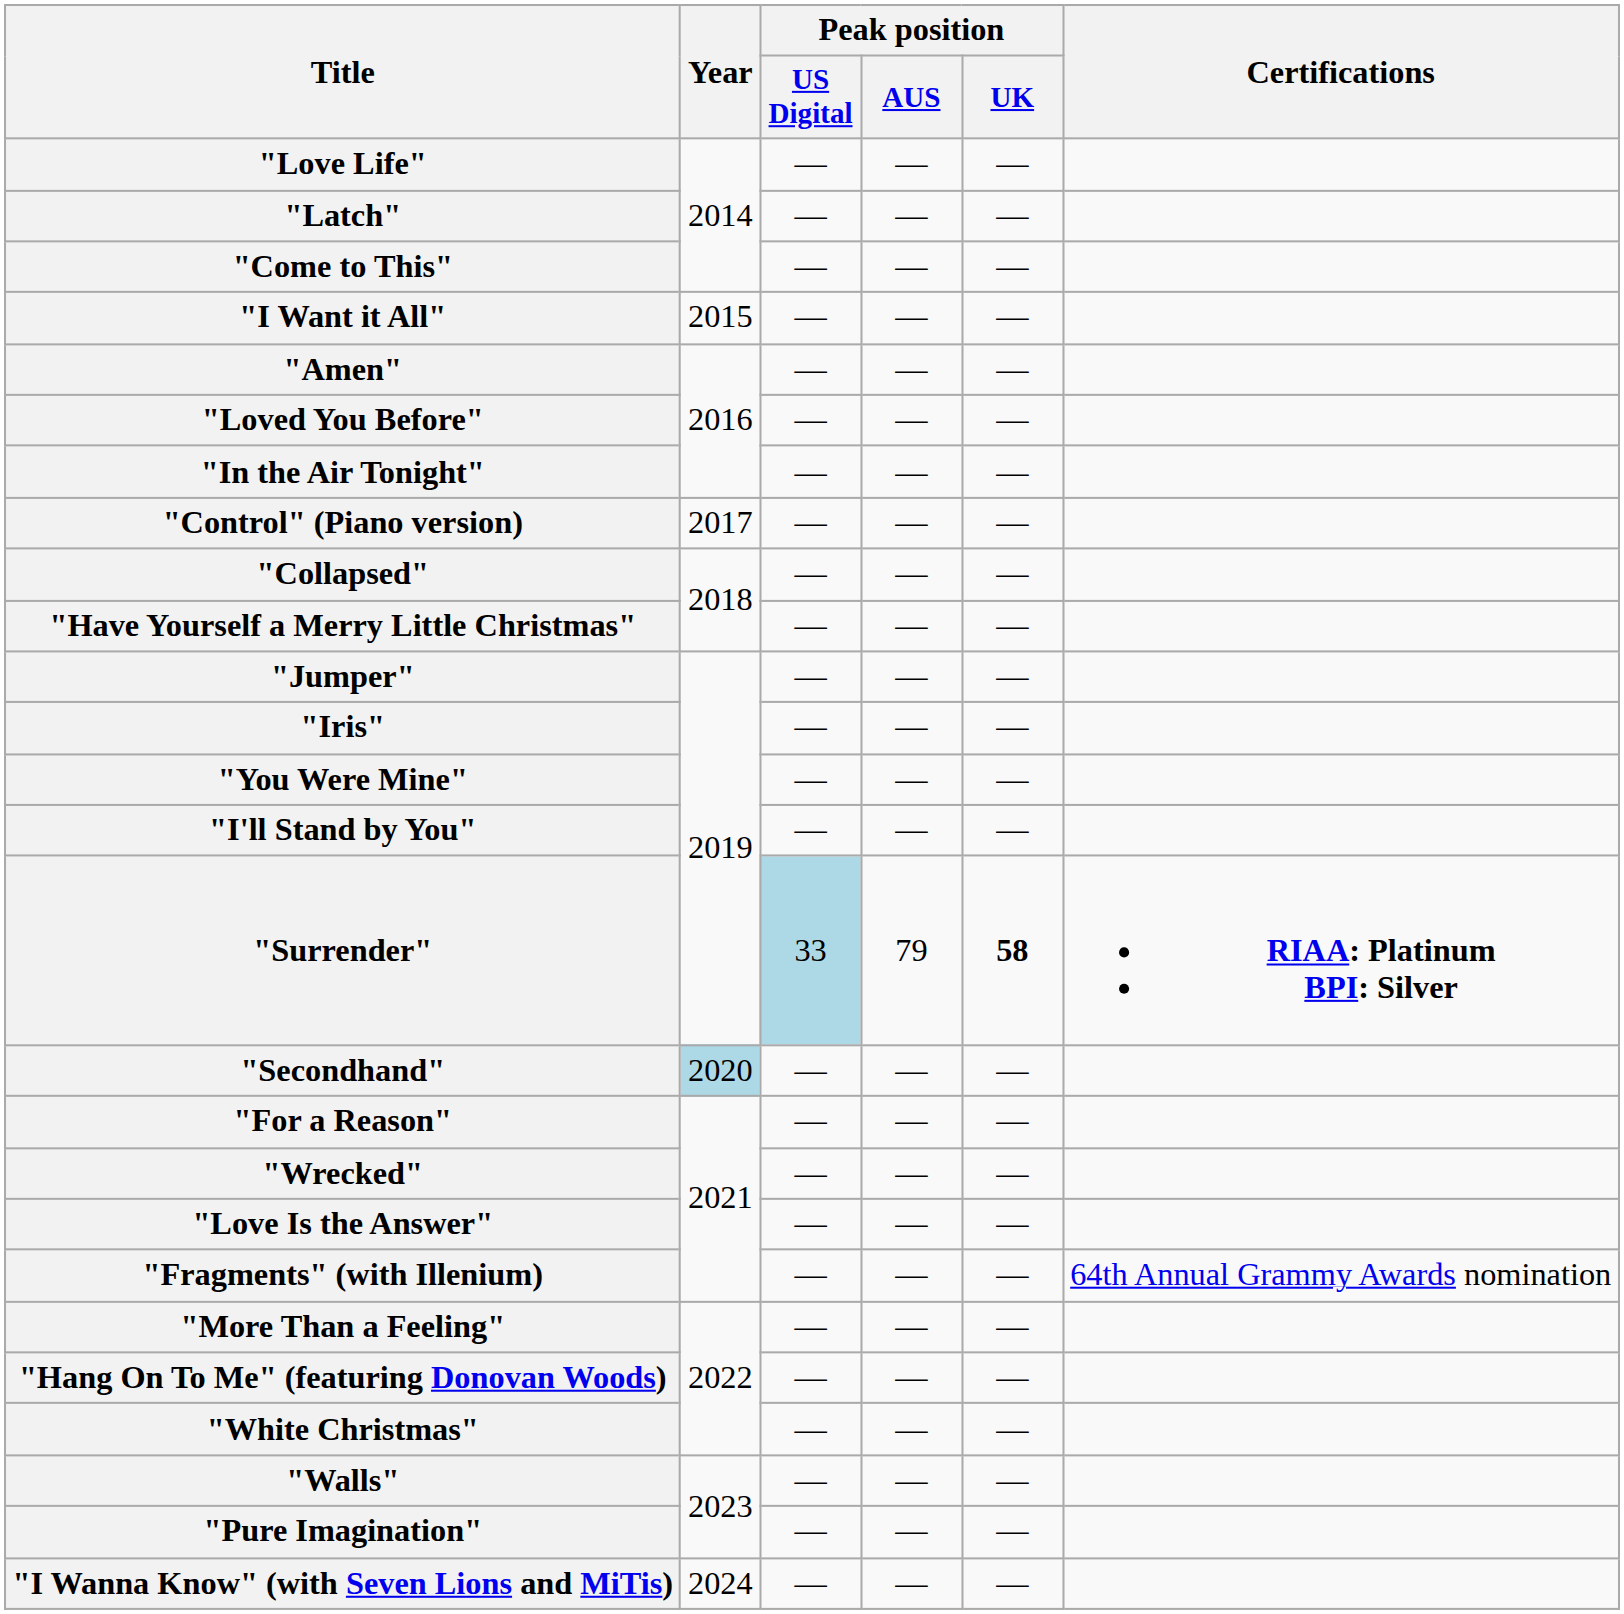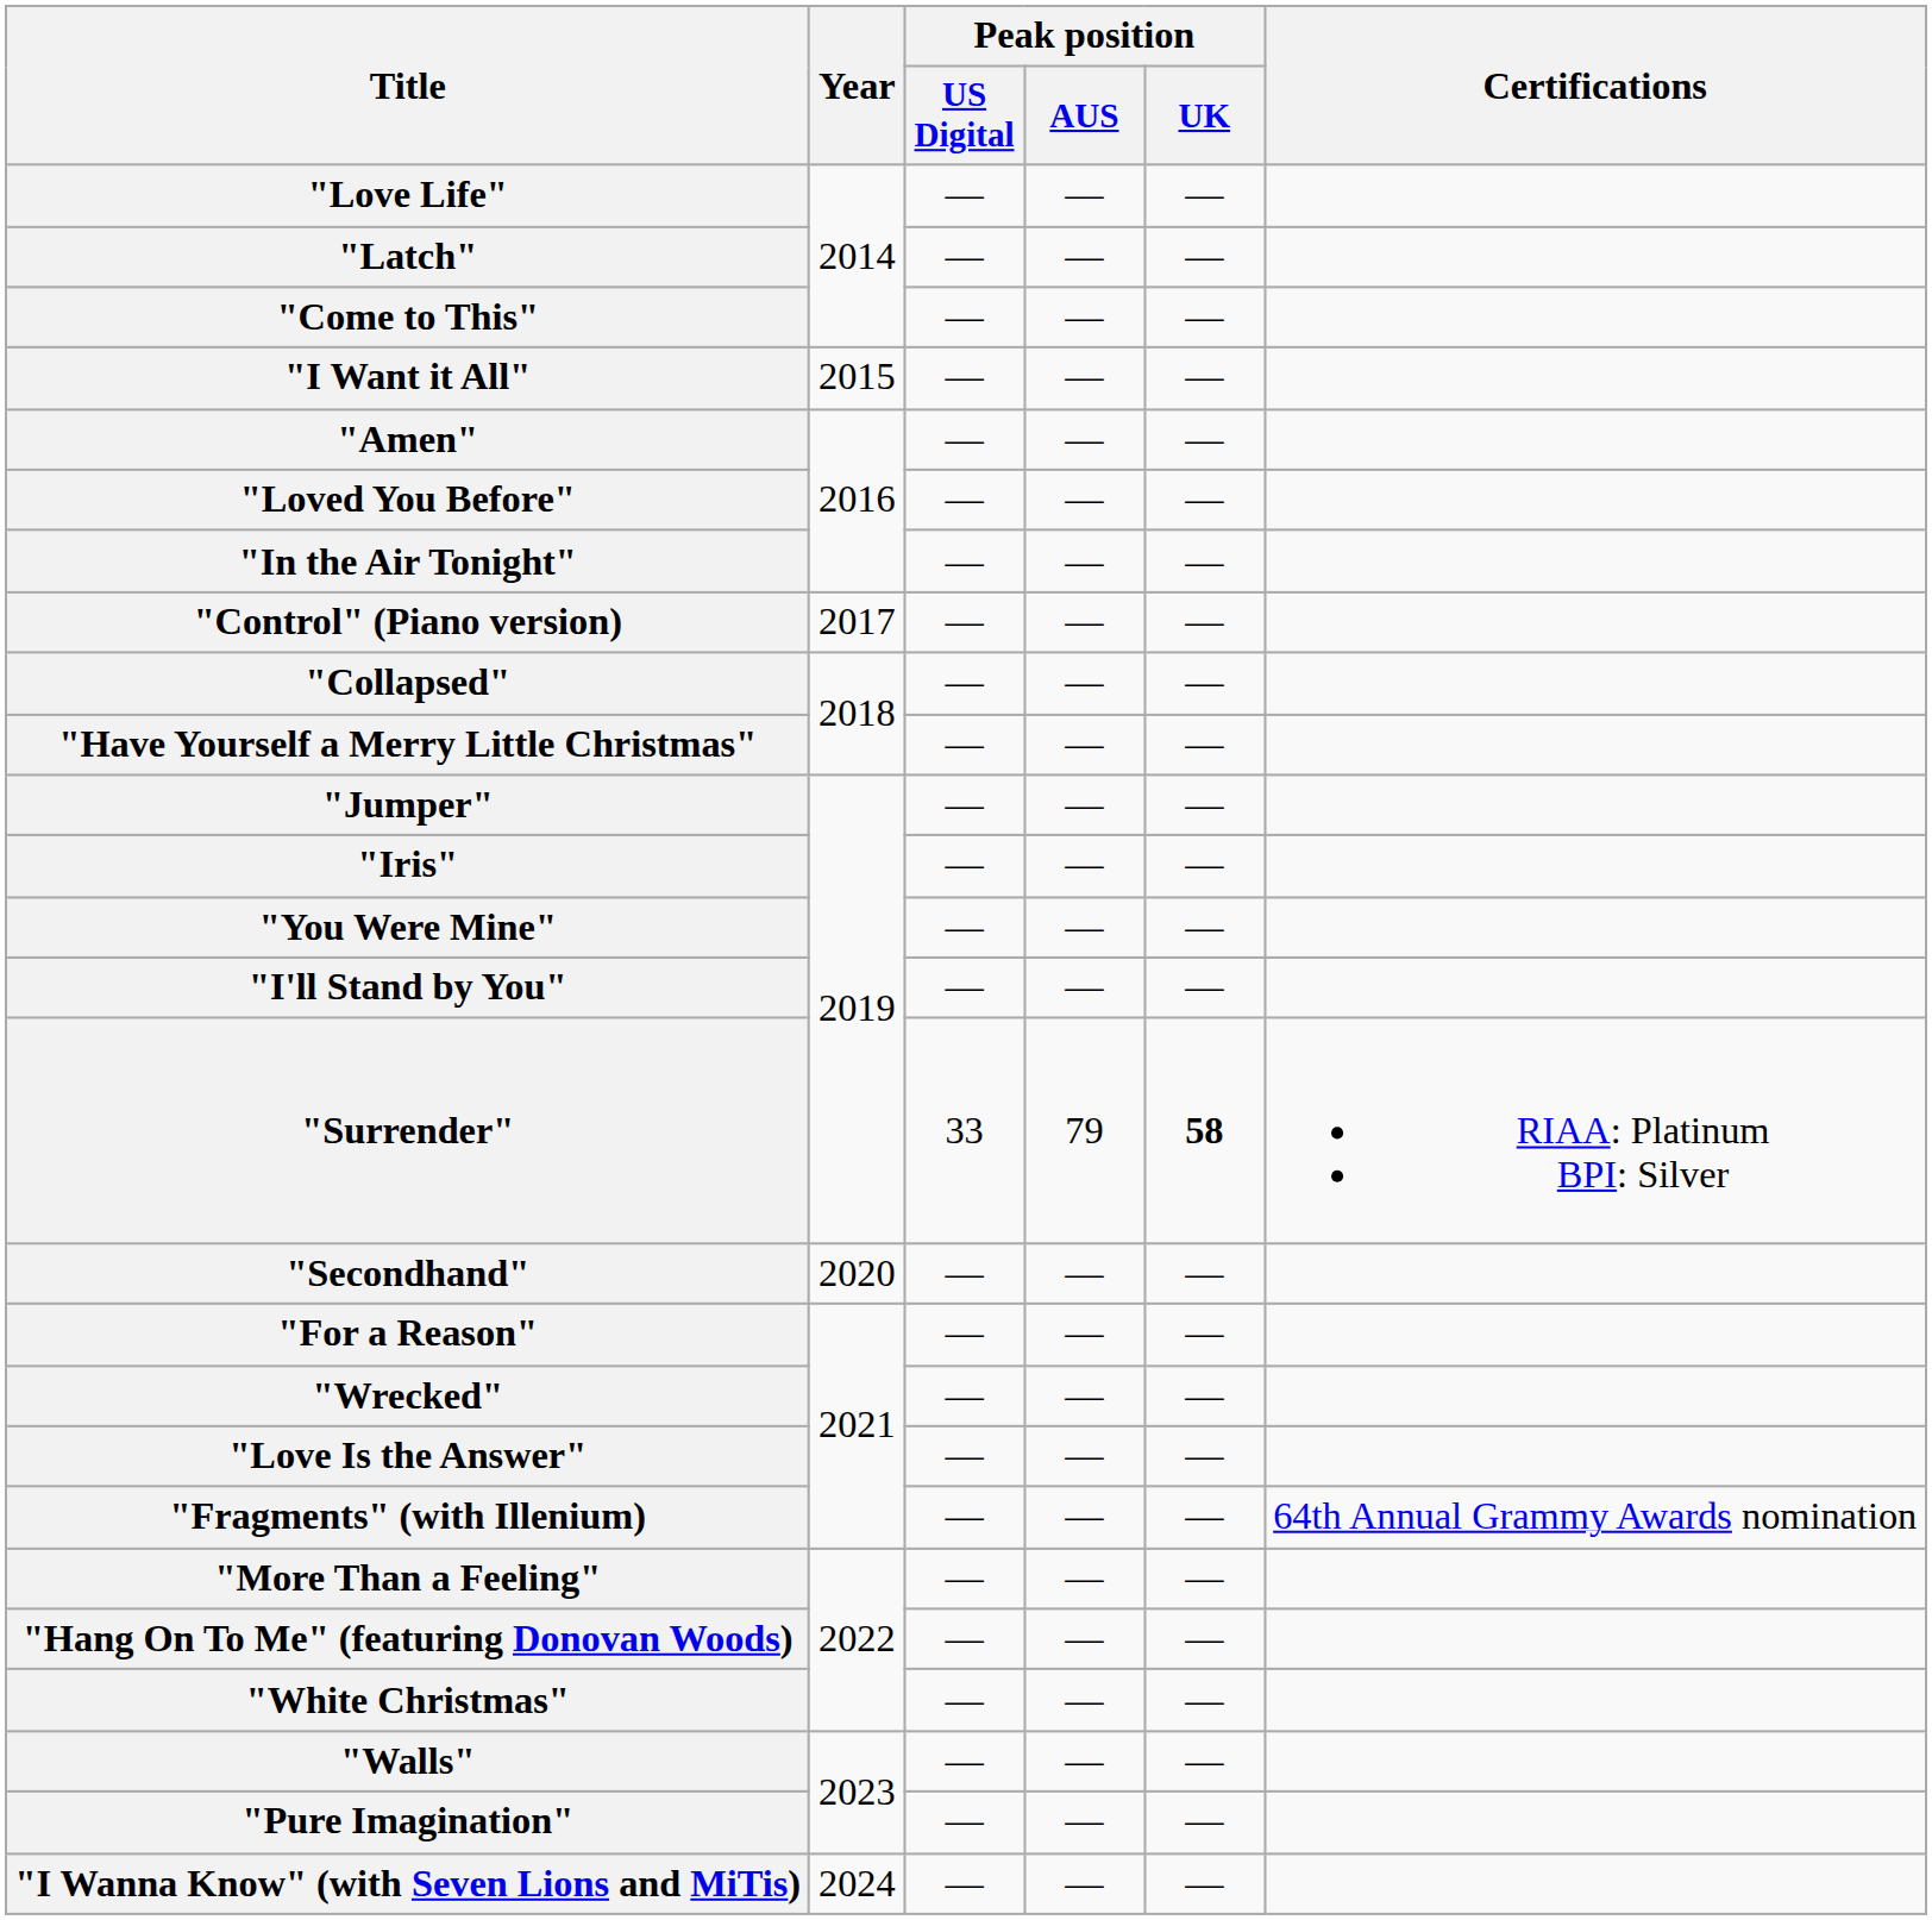 <table class="wikitable plainrowheaders" style="text-align:center;">
 <tr>
 <th scope="col" rowspan="2">Title</th>
 <th scope="col" rowspan="2">Year</th>
 <th scope="col" colspan="3">Peak position</th>
 <th scope="col" rowspan="2">Certifications</th>
 </tr>
 <tr>
 <th scope="col" style="width:3em;font-size:90%;"><a href='#'>US Digital</a><br></th>
 <th scope="col" style="width:3em;font-size:90%;"><a href='#'>AUS</a><br></th>
 <th scope="col" style="width:3em;font-size:90%;"><a href='#'>UK</a><br></th>
 </tr>
 <tr>
 <th scope="row">"Love Life"</th>
 <td rowspan="3">2014</td>
 <td>—</td>
 <td>—</td>
 <td>—</td>
 <td></td>
 </tr>
 <tr>
 <th scope="row">"Latch"</th>
 <td>—</td>
 <td>—</td>
 <td>—</td>
 <td></td>
 </tr>
 <tr>
 <th scope="row">"Come to This"</th>
 <td>—</td>
 <td>—</td>
 <td>—</td>
 <td></td>
 </tr>
 <tr>
 <th scope="row">"I Want it All"</th>
 <td>2015</td>
 <td>—</td>
 <td>—</td>
 <td>—</td>
 <td></td>
 </tr>
 <tr>
 <th scope="row">"Amen"</th>
 <td rowspan="3">2016</td>
 <td>—</td>
 <td>—</td>
 <td>—</td>
 <td></td>
 </tr>
 <tr>
 <th scope="row">"Loved You Before"</th>
 <td>—</td>
 <td>—</td>
 <td>—</td>
 <td></td>
 </tr>
 <tr>
 <th scope="row">"In the Air Tonight"</th>
 <td>—</td>
 <td>—</td>
 <td>—</td>
 <td></td>
 </tr>
 <tr>
 <th scope="row">"Control" (Piano version)</th>
 <td>2017</td>
 <td>—</td>
 <td>—</td>
 <td>—</td>
 <td></td>
 </tr>
 <tr>
 <th scope="row">"Collapsed"</th>
 <td rowspan="2">2018</td>
 <td>—</td>
 <td>—</td>
 <td>—</td>
 <td></td>
 </tr>
 <tr>
 <th scope="row">"Have Yourself a Merry Little Christmas"</th>
 <td>—</td>
 <td>—</td>
 <td>—</td>
 <td></td>
 </tr>
 <tr>
 <th scope="row">"Jumper"</th>
 <td rowspan="5">2019</td>
 <td>—</td>
 <td>—</td>
 <td>—</td>
 <td></td>
 </tr>
 <tr>
 <th scope="row">"Iris"</th>
 <td>—</td>
 <td>—</td>
 <td>—</td>
 <td></td>
 </tr>
 <tr>
 <th scope="row">"You Were Mine"</th>
 <td>—</td>
 <td>—</td>
 <td>—</td>
 <td></td>
 </tr>
 <tr>
 <th scope="row">"I'll Stand by You"</th>
 <td>—</td>
 <td>—</td>
 <td>—</td>
 <td></td>
 </tr>
 <tr>
 <th scope="row">"Surrender"</th>
-<td style="background: lightblue;">33</td>
+<td>33</td>
 <td>79</td>
 <td><strong>58</strong></td>
-<td><strong><br><ul><li><a href='#'>RIAA</a>: Platinum</li><li><a href='#'>BPI</a>: Silver</li></ul></strong></td>
+<td><br><ul><li><a href='#'>RIAA</a>: Platinum</li><li><a href='#'>BPI</a>: Silver</li></ul></td>
 </tr>
 <tr>
 <th scope="row">"Secondhand"</th>
-<td style="background: lightblue;">2020</td>
+<td>2020</td>
 <td>—</td>
 <td>—</td>
 <td>—</td>
 <td></td>
 </tr>
 <tr>
 <th scope="row">"For a Reason"</th>
 <td rowspan="4">2021</td>
 <td>—</td>
 <td>—</td>
 <td>—</td>
 <td></td>
 </tr>
 <tr>
 <th scope="row">"Wrecked"</th>
 <td>—</td>
 <td>—</td>
 <td>—</td>
 <td></td>
 </tr>
 <tr>
 <th scope="row">"Love Is the Answer"</th>
 <td>—</td>
 <td>—</td>
 <td>—</td>
 <td></td>
 </tr>
 <tr>
 <th scope="row">"Fragments" (with Illenium)</th>
 <td>—</td>
 <td>—</td>
 <td>—</td>
 <td><a href='#'>64th Annual Grammy Awards</a> nomination</td>
 </tr>
 <tr>
 <th scope="row">"More Than a Feeling"</th>
 <td rowspan="3">2022</td>
 <td>—</td>
 <td>—</td>
 <td>—</td>
 <td></td>
 </tr>
 <tr>
 <th scope="row">"Hang On To Me" (featuring <a href='#'>Donovan Woods</a>)</th>
 <td>—</td>
 <td>—</td>
 <td>—</td>
 <td></td>
 </tr>
 <tr>
 <th scope="row">"White Christmas"</th>
 <td>—</td>
 <td>—</td>
 <td>—</td>
 <td></td>
 </tr>
 <tr>
 <th scope="row">"Walls"</th>
 <td rowspan="2">2023</td>
 <td>—</td>
 <td>—</td>
 <td>—</td>
 <td></td>
 </tr>
 <tr>
 <th scope="row">"Pure Imagination"</th>
 <td>—</td>
 <td>—</td>
 <td>—</td>
 <td></td>
 </tr>
 <tr>
 <th scope="row">"I Wanna Know" (with <a href='#'>Seven Lions</a> and <a href='#'>MiTis</a>)</th>
 <td>2024</td>
 <td>—</td>
 <td>—</td>
 <td>—</td>
 <td></td>
 </tr>
 </table>
